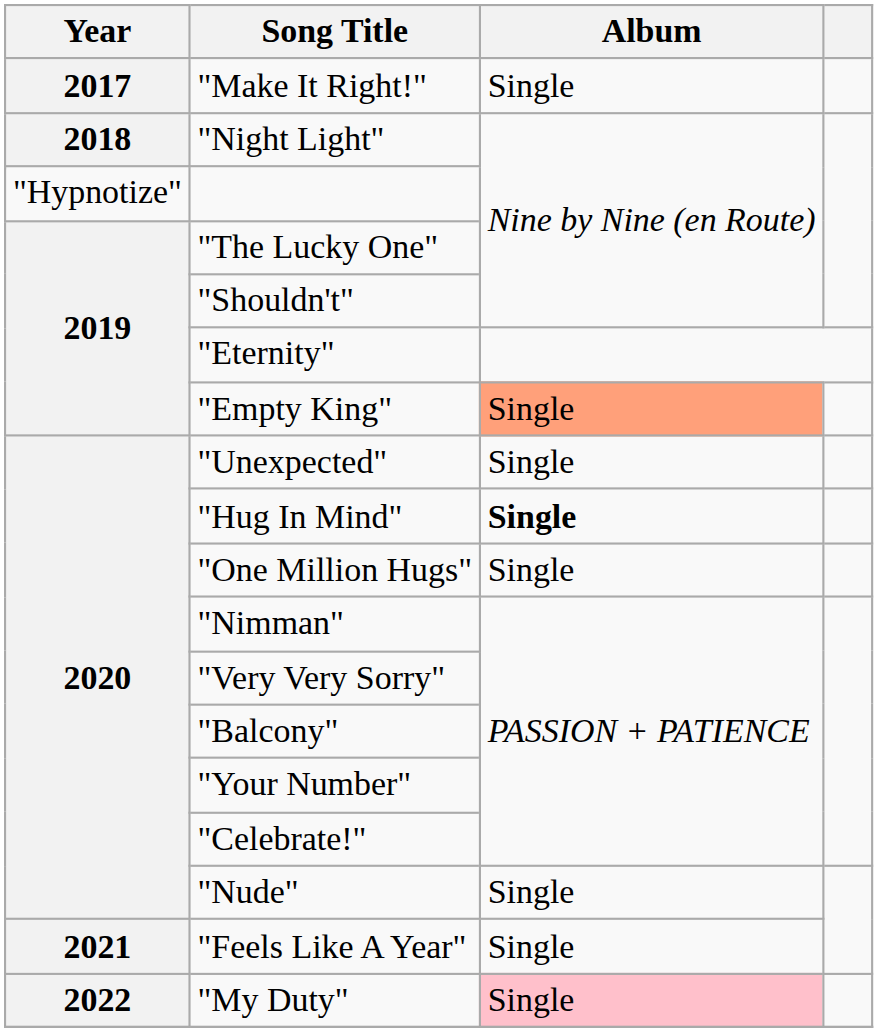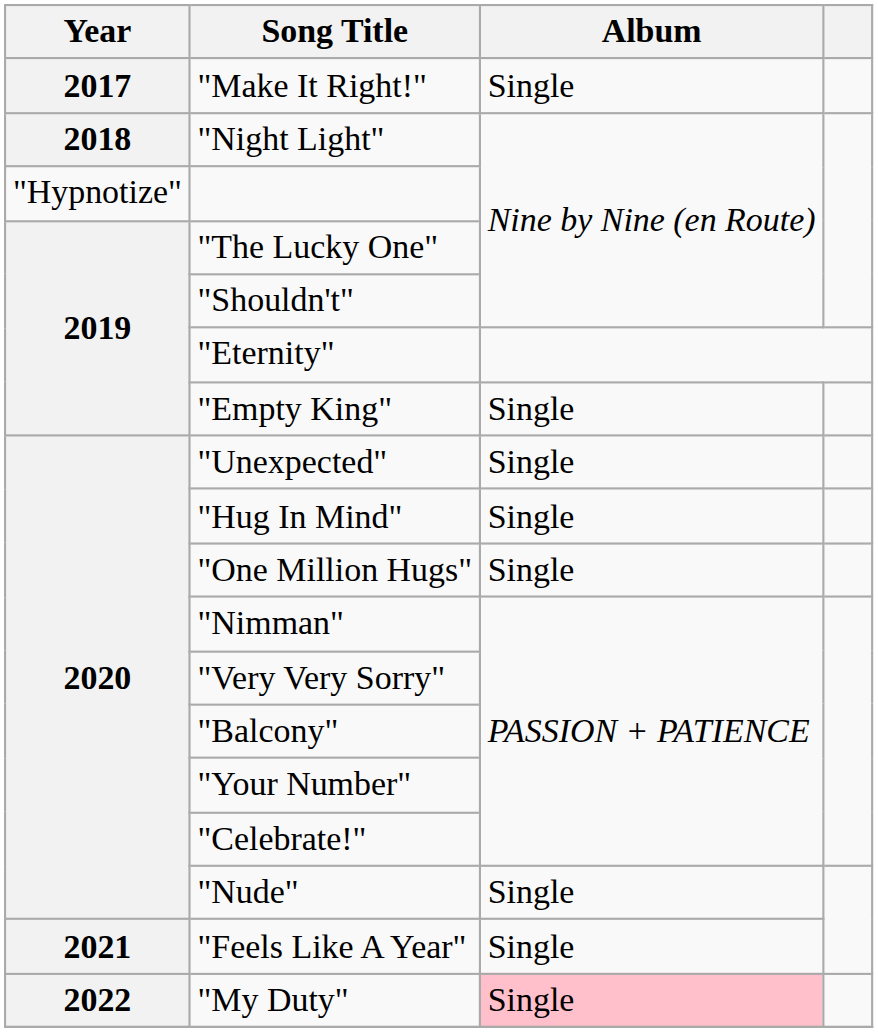 <table class="wikitable sortable plainrowheaders">
 <tr>
 <th scope="col">Year</th>
 <th scope="col">Song Title</th>
 <th scope="col" class="unsortable">Album</th>
 <th scope="col" style="width:1em;"class="unsortable"></th>
 </tr>
 <tr>
 <th scope="row">2017</th>
 <td>"Make It Right!"  <br></td>
 <td>Single</td>
 <td style="text-align: center;"></td>
 </tr>
 <tr>
 <th scope="row" rowspan="2">2018</th>
 <td>"Night Light"</td>
 <td rowspan="5"><em>Nine by Nine (en Route)</em></td>
 <td style="text-align: center;" rowspan="5"></td>
 </tr>
 <tr>
 </tr>
 <tr>
 <td>"Hypnotize"</td>
 </tr>
 <tr>
 <th scope="row" rowspan="4">2019</th>
 <td>"The Lucky One"</td>
 </tr>
 <tr>
 <td>"Shouldn't"</td>
 </tr>
 <tr>
 <td>"Eternity"</td>
 </tr>
 <tr>
 <td>"Empty King"</td>
-<td style="background: lightsalmon;">Single</td>
+<td>Single</td>
 <td style="text-align: center;"></td>
 </tr>
 <tr>
 <th scope="row" rowspan="9">2020</th>
 <td>"Unexpected" <br></td>
 <td>Single</td>
 <td style="text-align: center;"></td>
 </tr>
 <tr>
 <td>"Hug In Mind" <br></td>
-<td><strong>Single</strong></td>
+<td>Single</td>
 <td style="text-align: center;"></td>
 </tr>
 <tr>
 <td>"One Million Hugs" <br></td>
 <td>Single</td>
 <td style="text-align: center;"></td>
 </tr>
 <tr>
 <td>"Nimman"</td>
 <td rowspan="5"><em>PASSION + PATIENCE</em></td>
 <td style="text-align: center;" rowspan="5"></td>
 </tr>
 <tr>
 <td>"Very Very Sorry"</td>
 </tr>
 <tr>
 <td>"Balcony"</td>
 </tr>
 <tr>
 <td>"Your Number"</td>
 </tr>
 <tr>
 <td>"Celebrate!"</td>
 </tr>
 <tr>
 <td>"Nude" <br></td>
 <td>Single</td>
 <td style="text-align: center;" rowspan="2"></td>
 </tr>
 <tr>
 <th scope="row">2021</th>
 <td>"Feels Like A Year" <br></td>
 <td>Single</td>
 </tr>
 <tr>
 <th scope="row">2022</th>
 <td>"My Duty" <br></td>
 <td style="background: pink;">Single</td>
 <td style="text-align: center;"></td>
 </tr>
 <tr>
 </tr>
 </table>
